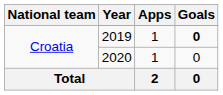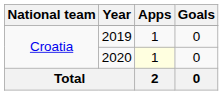 <table class="wikitable" style="text-align:center">
 <tr>
 <th>National team</th>
 <th>Year</th>
 <th>Apps</th>
 <th>Goals</th>
 </tr>
 <tr>
 <td rowspan="3"><a href='#'>Croatia</a></td>
 </tr>
 <tr>
 <td>2019</td>
 <td>1</td>
-<td><strong>0</strong></td>
+<td>0</td>
 </tr>
 <tr>
 <td>2020</td>
-<td>1</td>
+<td style="background: lightyellow;">1</td>
 <td>0</td>
 </tr>
 <tr>
 <th colspan="2">Total</th>
 <th>2</th>
 <th>0</th>
 </tr>
 </table>
